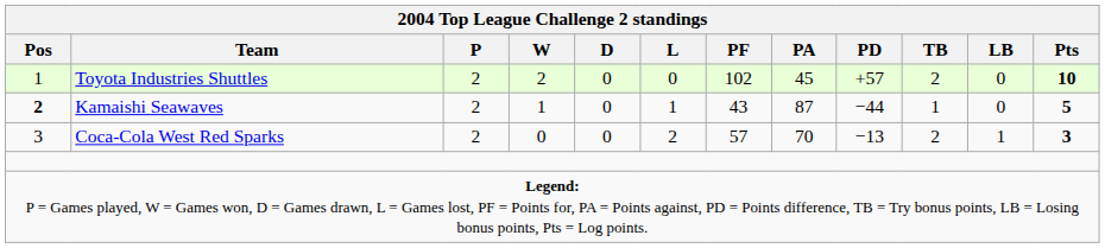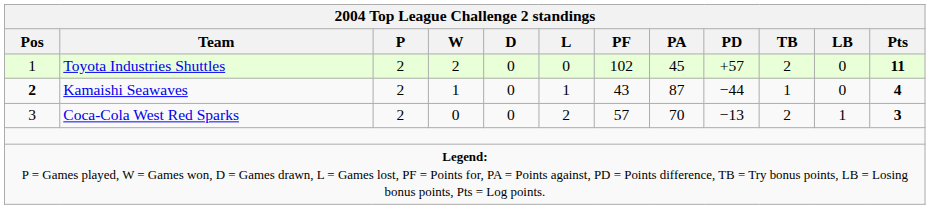 <table class="wikitable" style="text-align:center; font-size:100%; width:60%;">
 <tr>
 <th colspan="100%" cellpadding="0" cellspacing="0"><strong>2004 Top League Challenge 2 standings</strong></th>
 </tr>
 <tr>
 <th style="width:6%;">Pos</th>
 <th style="width:34%;">Team</th>
 <th style="width:6%;">P</th>
 <th style="width:6%;">W</th>
 <th style="width:6%;">D</th>
 <th style="width:6%;">L</th>
 <th style="width:6%;">PF</th>
 <th style="width:6%;">PA</th>
 <th style="width:6%;">PD</th>
 <th style="width:6%;">TB</th>
 <th style="width:6%;">LB</th>
 <th style="width:6%;">Pts<br></th>
 </tr>
 <tr style="background:#E8FFD8;">
 <td>1</td>
 <td style="text-align:left;"><a href='#'>Toyota Industries Shuttles</a></td>
 <td>2</td>
 <td>2</td>
 <td>0</td>
 <td>0</td>
 <td>102</td>
 <td>45</td>
 <td>+57</td>
 <td>2</td>
 <td>0</td>
-<td><strong>10</strong></td>
+<td><strong>11</strong></td>
 </tr>
 <tr>
 <td><strong>2</strong></td>
 <td style="text-align:left;"><a href='#'>Kamaishi Seawaves</a></td>
 <td>2</td>
 <td>1</td>
 <td>0</td>
 <td>1</td>
 <td>43</td>
 <td>87</td>
 <td>−44</td>
 <td>1</td>
 <td>0</td>
-<td><strong>5</strong></td>
+<td><strong>4</strong></td>
 </tr>
 <tr>
 <td>3</td>
 <td style="text-align:left;"><a href='#'>Coca-Cola West Red Sparks</a></td>
 <td>2</td>
 <td>0</td>
 <td>0</td>
 <td>2</td>
 <td>57</td>
 <td>70</td>
 <td>−13</td>
 <td>2</td>
 <td>1</td>
 <td><strong>3</strong></td>
 </tr>
 <tr>
 <td colspan="100%" style="height:10px;"></td>
 </tr>
 <tr>
 <td colspan="100%"><small><strong>Legend:</strong> <br> P = Games played, W = Games won, D = Games drawn, L = Games lost, PF = Points for, PA = Points against, PD = Points difference, TB = Try bonus points, LB = Losing bonus points, Pts = Log points.</small></td>
 </tr>
 </table>
